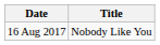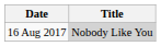 <table class="wikitable">
 <tr>
 <th>Date</th>
 <th>Title</th>
 </tr>
 <tr>
 <td>16 Aug 2017</td>
-<td>Nobody Like You</td>
+<td style="background: lightgrey;">Nobody Like You</td>
 </tr>
 </table>
